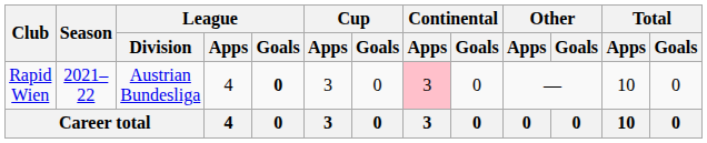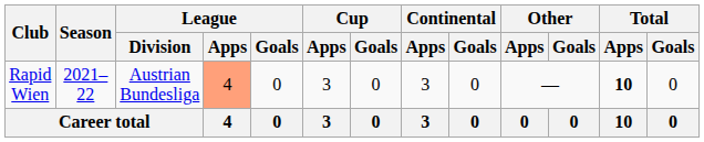 <table class="wikitable" style="text-align:center">
 <tr>
 <th rowspan="2">Club</th>
 <th rowspan="2">Season</th>
 <th colspan="3">League</th>
 <th colspan="2">Cup</th>
 <th colspan="2">Continental</th>
 <th colspan="2">Other</th>
 <th colspan="2">Total</th>
 </tr>
 <tr>
 <th>Division</th>
 <th>Apps</th>
 <th>Goals</th>
 <th>Apps</th>
 <th>Goals</th>
 <th>Apps</th>
 <th>Goals</th>
 <th>Apps</th>
 <th>Goals</th>
 <th>Apps</th>
 <th>Goals</th>
 </tr>
 <tr>
 <td><a href='#'>Rapid Wien</a></td>
 <td><a href='#'>2021–22</a></td>
 <td><a href='#'>Austrian Bundesliga</a></td>
-<td>4</td>
-<td><strong>0</strong></td>
+<td style="background: lightsalmon;">4</td>
+<td>0</td>
 <td>3</td>
 <td>0</td>
-<td style="background: pink;">3</td>
+<td>3</td>
 <td>0</td>
 <td colspan="2">—</td>
-<td>10</td>
+<td><strong>10</strong></td>
 <td>0</td>
 </tr>
 <tr>
 <th colspan="3">Career total</th>
 <th>4</th>
 <th>0</th>
 <th>3</th>
 <th>0</th>
 <th>3</th>
 <th>0</th>
 <th>0</th>
 <th>0</th>
 <th>10</th>
 <th>0</th>
 </tr>
 </table>
